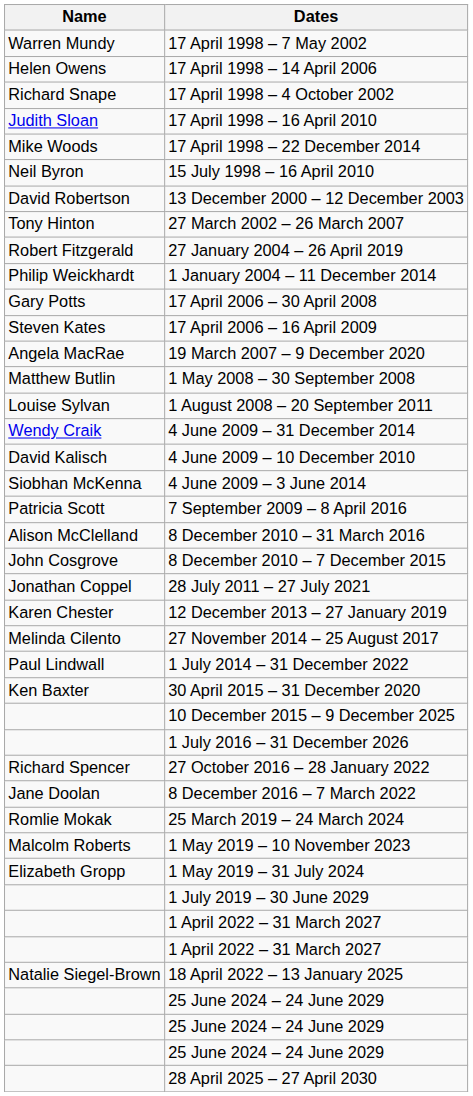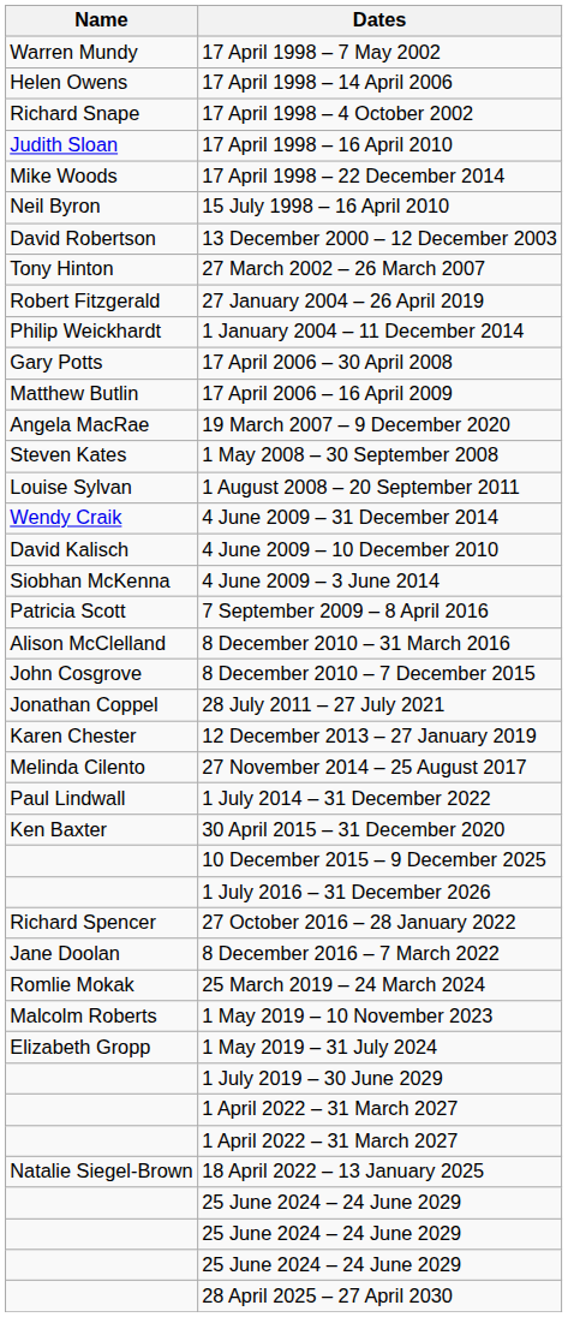 <table class="wikitable">
 <tr>
 <th>Name</th>
 <th>Dates</th>
 </tr>
 <tr>
 <td>Warren Mundy</td>
 <td>17 April 1998 – 7 May 2002</td>
 </tr>
 <tr>
 <td>Helen Owens</td>
 <td>17 April 1998 – 14 April 2006</td>
 </tr>
 <tr>
 <td>Richard Snape</td>
 <td>17 April 1998 – 4 October 2002</td>
 </tr>
 <tr>
 <td><a href='#'>Judith Sloan</a></td>
 <td>17 April 1998 – 16 April 2010</td>
 </tr>
 <tr>
 <td>Mike Woods</td>
 <td>17 April 1998 – 22 December 2014</td>
 </tr>
 <tr>
 <td>Neil Byron</td>
 <td>15 July 1998 – 16 April 2010</td>
 </tr>
 <tr>
 <td>David Robertson</td>
 <td>13 December 2000 – 12 December 2003</td>
 </tr>
 <tr>
 <td>Tony Hinton</td>
 <td>27 March 2002 – 26 March 2007</td>
 </tr>
 <tr>
 <td>Robert Fitzgerald</td>
 <td>27 January 2004 – 26 April 2019</td>
 </tr>
 <tr>
 <td>Philip Weickhardt</td>
 <td>1 January 2004 – 11 December 2014</td>
 </tr>
 <tr>
 <td>Gary Potts</td>
 <td>17 April 2006 – 30 April 2008</td>
 </tr>
 <tr>
-<td>Steven Kates</td>
+<td>Matthew Butlin</td>
 <td>17 April 2006 – 16 April 2009</td>
 </tr>
 <tr>
 <td>Angela MacRae</td>
 <td>19 March 2007 – 9 December 2020</td>
 </tr>
 <tr>
-<td>Matthew Butlin</td>
+<td>Steven Kates</td>
 <td>1 May 2008 – 30 September 2008</td>
 </tr>
 <tr>
 <td>Louise Sylvan</td>
 <td>1 August 2008 – 20 September 2011</td>
 </tr>
 <tr>
 <td><a href='#'>Wendy Craik</a></td>
 <td>4 June 2009 – 31 December 2014</td>
 </tr>
 <tr>
 <td>David Kalisch</td>
 <td>4 June 2009 – 10 December 2010</td>
 </tr>
 <tr>
 <td>Siobhan McKenna</td>
 <td>4 June 2009 – 3 June 2014</td>
 </tr>
 <tr>
 <td>Patricia Scott</td>
 <td>7 September 2009 – 8 April 2016</td>
 </tr>
 <tr>
 <td>Alison McClelland</td>
 <td>8 December 2010 – 31 March 2016</td>
 </tr>
 <tr>
 <td>John Cosgrove</td>
 <td>8 December 2010 – 7 December 2015</td>
 </tr>
 <tr>
 <td>Jonathan Coppel</td>
 <td>28 July 2011 – 27 July 2021</td>
 </tr>
 <tr>
 <td>Karen Chester</td>
 <td>12 December 2013 – 27 January 2019</td>
 </tr>
 <tr>
 <td>Melinda Cilento</td>
 <td>27 November 2014 – 25 August 2017</td>
 </tr>
 <tr>
 <td>Paul Lindwall</td>
 <td>1 July 2014 – 31 December 2022</td>
 </tr>
 <tr>
 <td>Ken Baxter</td>
 <td>30 April 2015 – 31 December 2020</td>
 </tr>
 <tr>
 <td></td>
 <td>10 December 2015 – 9 December 2025</td>
 </tr>
 <tr>
 <td></td>
 <td>1 July 2016 – 31 December 2026</td>
 </tr>
 <tr>
 <td>Richard Spencer</td>
 <td>27 October 2016 – 28 January 2022</td>
 </tr>
 <tr>
 <td>Jane Doolan</td>
 <td>8 December 2016 – 7 March 2022</td>
 </tr>
 <tr>
 <td>Romlie Mokak</td>
 <td>25 March 2019 – 24 March 2024</td>
 </tr>
 <tr>
 <td>Malcolm Roberts</td>
 <td>1 May 2019 – 10 November 2023</td>
 </tr>
 <tr>
 <td>Elizabeth Gropp</td>
 <td>1 May 2019 – 31 July 2024</td>
 </tr>
 <tr>
 <td></td>
 <td>1 July 2019 – 30 June 2029</td>
 </tr>
 <tr>
 <td></td>
 <td>1 April 2022 – 31 March 2027</td>
 </tr>
 <tr>
 <td></td>
 <td>1 April 2022 – 31 March 2027</td>
 </tr>
 <tr>
 <td>Natalie Siegel-Brown</td>
 <td>18 April 2022 – 13 January 2025</td>
 </tr>
 <tr>
 <td></td>
 <td>25 June 2024 – 24 June 2029</td>
 </tr>
 <tr>
 <td></td>
 <td>25 June 2024 – 24 June 2029</td>
 </tr>
 <tr>
 <td></td>
 <td>25 June 2024 – 24 June 2029</td>
 </tr>
 <tr>
 <td></td>
 <td>28 April 2025 – 27 April 2030</td>
 </tr>
 </table>
